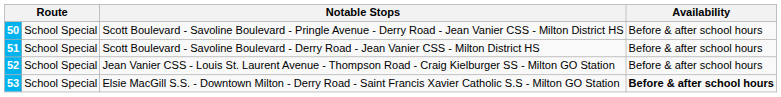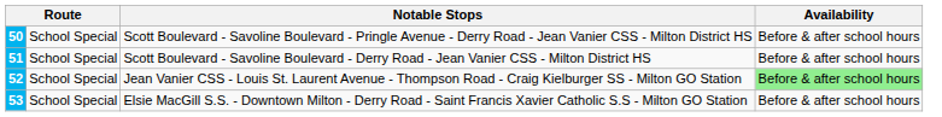 <table class="wikitable">
 <tr>
 <th colspan="2">Route</th>
 <th>Notable Stops</th>
 <th>Availability</th>
 </tr>
 <tr>
 <th style="background:#00b3ee;color:white" align="center" valign="center">50</th>
 <td>School Special</td>
 <td>Scott Boulevard - Savoline Boulevard - Pringle Avenue - Derry Road - Jean Vanier CSS - Milton District HS</td>
 <td>Before & after school hours</td>
 </tr>
 <tr>
 <th style="background:#00b3ee;color:white" align="center" valign="center">51</th>
 <td>School Special</td>
 <td>Scott Boulevard - Savoline Boulevard - Derry Road - Jean Vanier CSS - Milton District HS</td>
 <td>Before & after school hours</td>
 </tr>
 <tr>
 <th style="background:#00b3ee;color:white" align="center" valign="center">52</th>
 <td>School Special</td>
 <td>Jean Vanier CSS - Louis St. Laurent Avenue - Thompson Road - Craig Kielburger SS - Milton GO Station</td>
-<td>Before & after school hours</td>
+<td style="background: lightgreen;">Before & after school hours</td>
 </tr>
 <tr>
 <th style="background:#00b3ee;color:white" align="center" valign="center">53</th>
 <td>School Special</td>
 <td>Elsie MacGill S.S. - Downtown Milton - Derry Road - Saint Francis Xavier Catholic S.S - Milton GO Station</td>
-<td><strong>Before & after school hours</strong></td>
+<td>Before & after school hours</td>
 </tr>
 </table>
